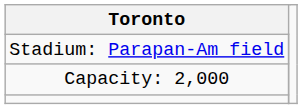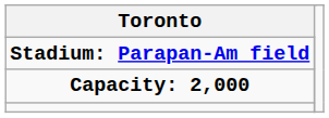 <table class="wikitable" style="margin:1em auto; text-align:center">
 <tr>
 <th colspan="2">Toronto</th>
 <td rowspan=4></td>
 </tr>
 <tr>
-<td>Stadium: <a href='#'>Parapan-Am field</a></td>
+<td><strong>Stadium: <a href='#'>Parapan-Am field</a></strong></td>
 </tr>
 <tr>
-<td>Capacity: 2,000</td>
+<td><strong>Capacity: 2,000</strong></td>
 </tr>
 <tr>
 <td></td>
 </tr>
 </table>
